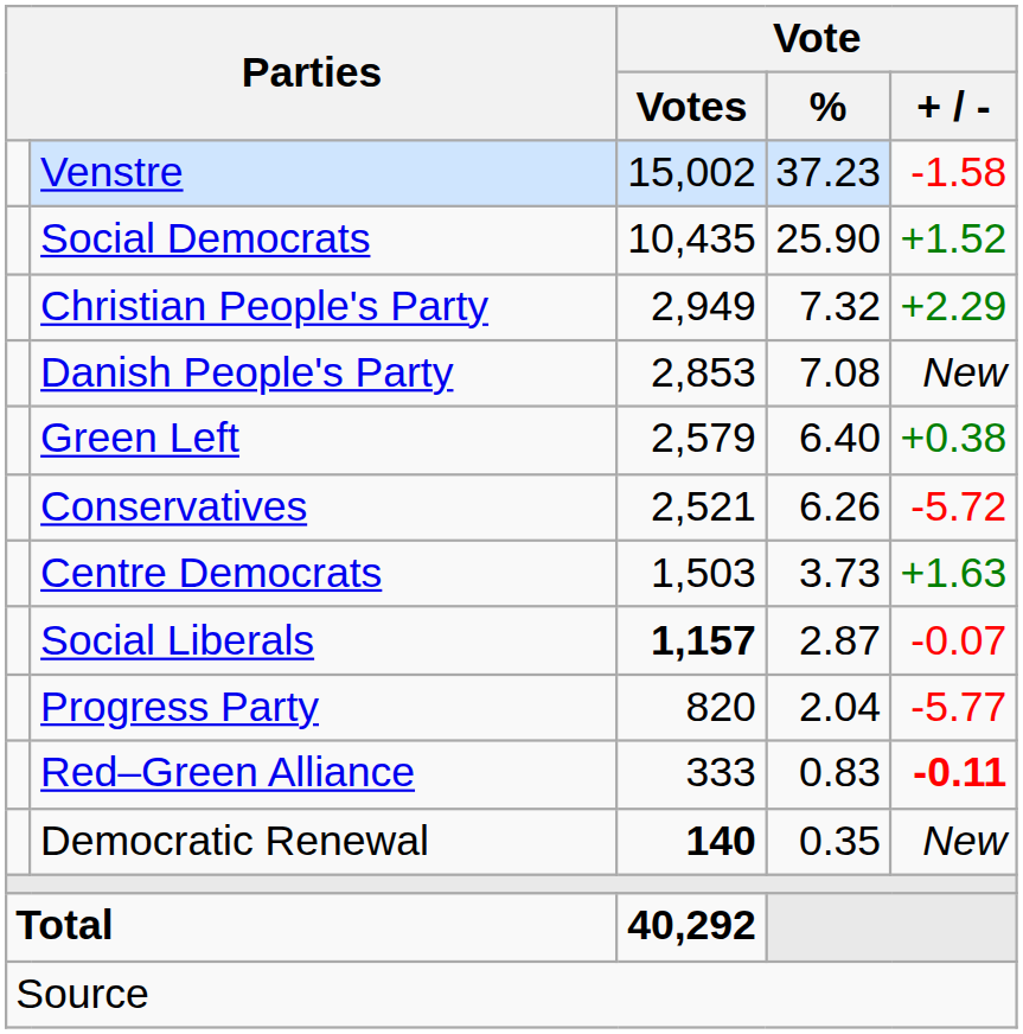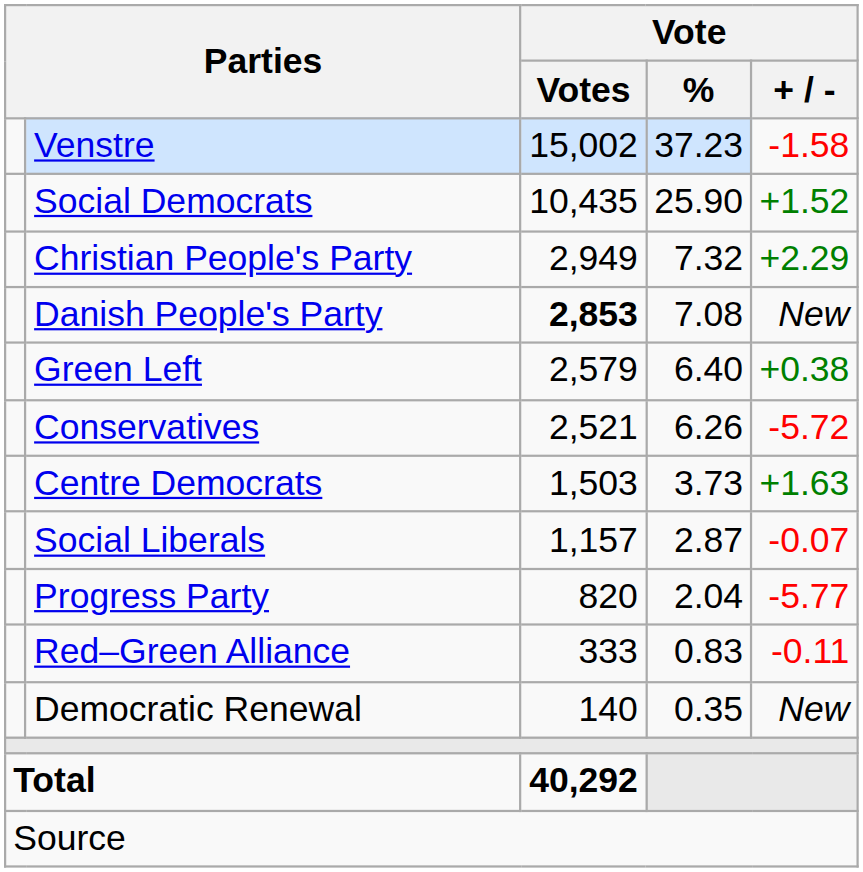 <table class="wikitable" style="text-align:right;">
 <tr>
 <th style="text-align:centre;" rowspan="2" colspan="2" width="225">Parties</th>
 <th colspan="3">Vote</th>
 </tr>
 <tr>
 <th width="15">Votes</th>
 <th width="15">%</th>
 <th width="15">+ / -</th>
 </tr>
 <tr>
 <td width="2" style="color:inherit;background:"></td>
 <td bgcolor=#cfe5fe  align="left"><a href='#'>Venstre</a></td>
 <td bgcolor=#cfe5fe>15,002</td>
 <td bgcolor=#cfe5fe>37.23</td>
 <td style=color:red;>-1.58</td>
 </tr>
 <tr>
 <td width="2" style="color:inherit;background:"></td>
 <td align="left"><a href='#'>Social Democrats</a></td>
 <td>10,435</td>
 <td>25.90</td>
 <td style=color:green;>+1.52</td>
 </tr>
 <tr>
 <td width="2" style="color:inherit;background:"></td>
 <td align="left"><a href='#'>Christian People's Party</a></td>
 <td>2,949</td>
 <td>7.32</td>
 <td style=color:green;>+2.29</td>
 </tr>
 <tr>
 <td width="2" style="color:inherit;background:"></td>
 <td align="left"><a href='#'>Danish People's Party</a></td>
-<td>2,853</td>
+<td><strong>2,853</strong></td>
 <td>7.08</td>
 <td><em>New</em></td>
 </tr>
 <tr>
 <td width="2" style="color:inherit;background:"></td>
 <td align="left"><a href='#'>Green Left</a></td>
 <td>2,579</td>
 <td>6.40</td>
 <td style=color:green;>+0.38</td>
 </tr>
 <tr>
 <td width="2" style="color:inherit;background:"></td>
 <td align="left"><a href='#'>Conservatives</a></td>
 <td>2,521</td>
 <td>6.26</td>
 <td style=color:red;>-5.72</td>
 </tr>
 <tr>
 <td width="2" style="color:inherit;background:"></td>
 <td align="left"><a href='#'>Centre Democrats</a></td>
 <td>1,503</td>
 <td>3.73</td>
 <td style=color:green;>+1.63</td>
 </tr>
 <tr>
 <td width="2" style="color:inherit;background:"></td>
 <td align="left"><a href='#'>Social Liberals</a></td>
-<td><strong>1,157</strong></td>
+<td>1,157</td>
 <td>2.87</td>
 <td style=color:red;>-0.07</td>
 </tr>
 <tr>
 <td width="2" style="color:inherit;background:"></td>
 <td align="left"><a href='#'>Progress Party</a></td>
 <td>820</td>
 <td>2.04</td>
 <td style=color:red;>-5.77</td>
 </tr>
 <tr>
 <td width="2" style="color:inherit;background:"></td>
 <td align="left"><a href='#'>Red–Green Alliance</a></td>
 <td>333</td>
 <td>0.83</td>
-<td style=color:red;><strong>-0.11</strong></td>
+<td style=color:red;>-0.11</td>
 </tr>
 <tr>
 <td width="2" style="color:inherit;background:"></td>
 <td align="left">Democratic Renewal</td>
-<td><strong>140</strong></td>
+<td>140</td>
 <td>0.35</td>
 <td><em>New</em></td>
 </tr>
 <tr>
 <td colspan="7" bgcolor="#E9E9E9"></td>
 </tr>
 <tr>
 <td align="left" colspan="2"><strong>Total</strong></td>
 <td><strong>40,292</strong></td>
 <td bgcolor="#E9E9E9" colspan="2"></td>
 </tr>
 <tr>
 <td align="left" colspan="6">Source</td>
 </tr>
 </table>
